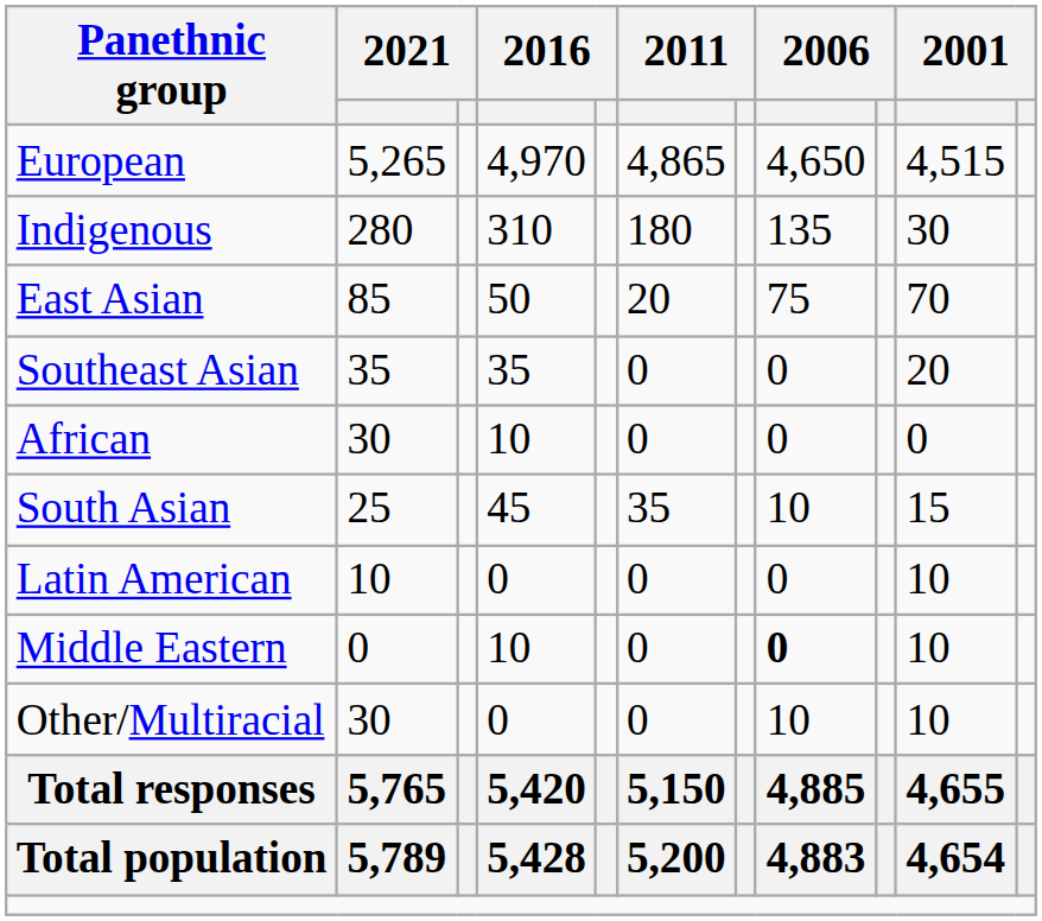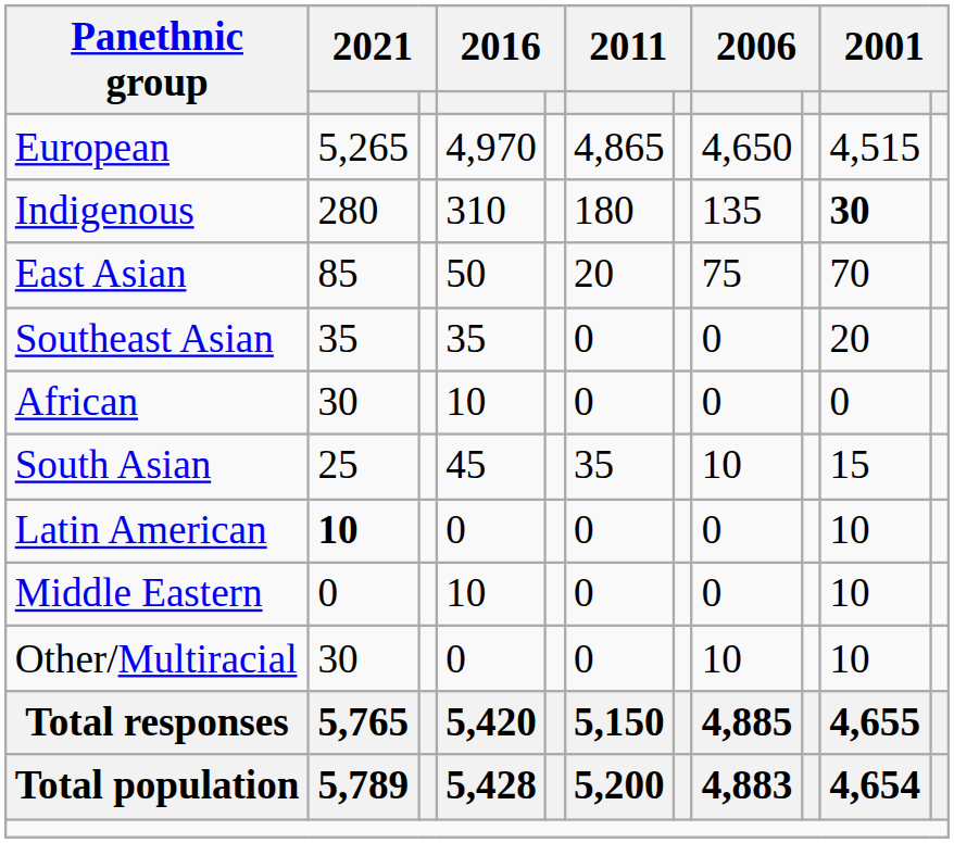 <table class="wikitable collapsible sortable">
 <tr>
 <th rowspan="2"><a href='#'>Panethnic</a><br>group</th>
 <th colspan="2">2021</th>
 <th colspan="2">2016</th>
 <th colspan="2">2011</th>
 <th colspan="2">2006</th>
 <th colspan="2">2001</th>
 </tr>
 <tr>
 <th><a href='#'></a></th>
 <th></th>
 <th></th>
 <th></th>
 <th></th>
 <th></th>
 <th></th>
 <th></th>
 <th></th>
 <th></th>
 </tr>
 <tr>
 <td><a href='#'>European</a></td>
 <td>5,265</td>
 <td></td>
 <td>4,970</td>
 <td></td>
 <td>4,865</td>
 <td></td>
 <td>4,650</td>
 <td></td>
 <td>4,515</td>
 <td></td>
 </tr>
 <tr>
 <td><a href='#'>Indigenous</a></td>
 <td>280</td>
 <td></td>
 <td>310</td>
 <td></td>
 <td>180</td>
 <td></td>
 <td>135</td>
 <td></td>
-<td>30</td>
+<td><strong>30</strong></td>
 <td></td>
 </tr>
 <tr>
 <td><a href='#'>East Asian</a></td>
 <td>85</td>
 <td></td>
 <td>50</td>
 <td></td>
 <td>20</td>
 <td></td>
 <td>75</td>
 <td></td>
 <td>70</td>
 <td></td>
 </tr>
 <tr>
 <td><a href='#'>Southeast Asian</a></td>
 <td>35</td>
 <td></td>
 <td>35</td>
 <td></td>
 <td>0</td>
 <td></td>
 <td>0</td>
 <td></td>
 <td>20</td>
 <td></td>
 </tr>
 <tr>
 <td><a href='#'>African</a></td>
 <td>30</td>
 <td></td>
 <td>10</td>
 <td></td>
 <td>0</td>
 <td></td>
 <td>0</td>
 <td></td>
 <td>0</td>
 <td></td>
 </tr>
 <tr>
 <td><a href='#'>South Asian</a></td>
 <td>25</td>
 <td></td>
 <td>45</td>
 <td></td>
 <td>35</td>
 <td></td>
 <td>10</td>
 <td></td>
 <td>15</td>
 <td></td>
 </tr>
 <tr>
 <td><a href='#'>Latin American</a></td>
-<td>10</td>
+<td><strong>10</strong></td>
 <td></td>
 <td>0</td>
 <td></td>
 <td>0</td>
 <td></td>
 <td>0</td>
 <td></td>
 <td>10</td>
 <td></td>
 </tr>
 <tr>
 <td><a href='#'>Middle Eastern</a></td>
 <td>0</td>
 <td></td>
 <td>10</td>
 <td></td>
 <td>0</td>
 <td></td>
-<td><strong>0</strong></td>
+<td>0</td>
 <td></td>
 <td>10</td>
 <td></td>
 </tr>
 <tr>
 <td>Other/<a href='#'>Multiracial</a></td>
 <td>30</td>
 <td></td>
 <td>0</td>
 <td></td>
 <td>0</td>
 <td></td>
 <td>10</td>
 <td></td>
 <td>10</td>
 <td></td>
 </tr>
 <tr>
 <th>Total responses</th>
 <th>5,765</th>
 <th></th>
 <th>5,420</th>
 <th></th>
 <th>5,150</th>
 <th></th>
 <th>4,885</th>
 <th></th>
 <th>4,655</th>
 <th></th>
 </tr>
 <tr>
 <th>Total population</th>
 <th>5,789</th>
 <th></th>
 <th>5,428</th>
 <th></th>
 <th>5,200</th>
 <th></th>
 <th>4,883</th>
 <th></th>
 <th>4,654</th>
 <th></th>
 </tr>
 <tr class="sortbottom">
 <td colspan="15"></td>
 </tr>
 </table>
